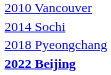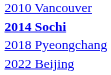 <table>
 <tr>
 <td><a href='#'>2010 Vancouver</a><br></td>
 <td></td>
 <td></td>
 <td></td>
 </tr>
 <tr>
-<td><a href='#'>2014 Sochi</a><br></td>
+<td><strong><a href='#'>2014 Sochi</a><br></strong></td>
 <td></td>
 <td></td>
 <td></td>
 </tr>
 <tr>
 <td><a href='#'>2018 Pyeongchang</a><br></td>
 <td></td>
 <td></td>
 <td></td>
 </tr>
 <tr>
-<td><strong><a href='#'>2022 Beijing</a> <br></strong></td>
+<td><a href='#'>2022 Beijing</a> <br></td>
 <td></td>
 <td></td>
 <td></td>
 </tr>
 <tr>
 </tr>
 </table>
